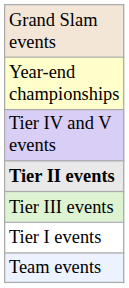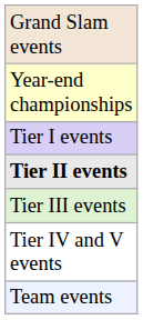 <table class=wikitable style=font-size:90%;width:15%>
 <tr style="background:#F3E6D7;">
 <td>Grand Slam events</td>
 </tr>
 <tr bgcolor=#FFFFCC>
 <td>Year-end championships</td>
 </tr>
 <tr style="background:#d8cef6;">
-<td>Tier IV and V events</td>
+<td>Tier I events</td>
 </tr>
 <tr style="background:#E9E9E9;">
 <td><strong>Tier II events</strong></td>
 </tr>
 <tr style="background:#DDF3D1;">
 <td>Tier III events</td>
 </tr>
 <tr style="background:#fff;">
-<td>Tier I events</td>
+<td>Tier IV and V events</td>
 </tr>
 <tr style="background:#ECF2FF;">
 <td>Team events</td>
 </tr>
 </table>
